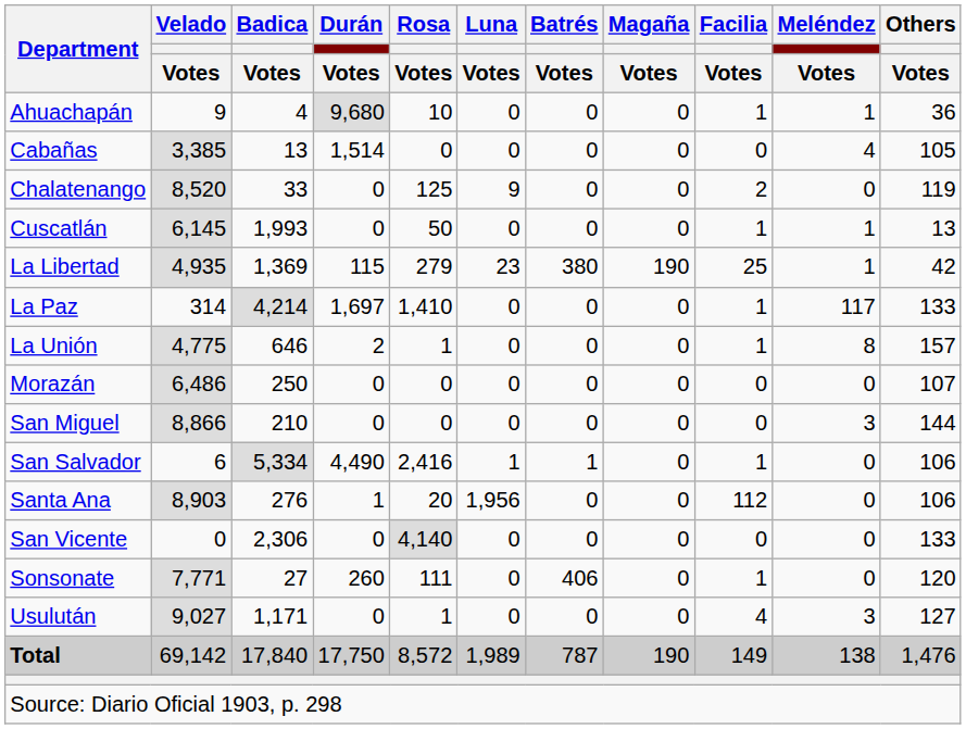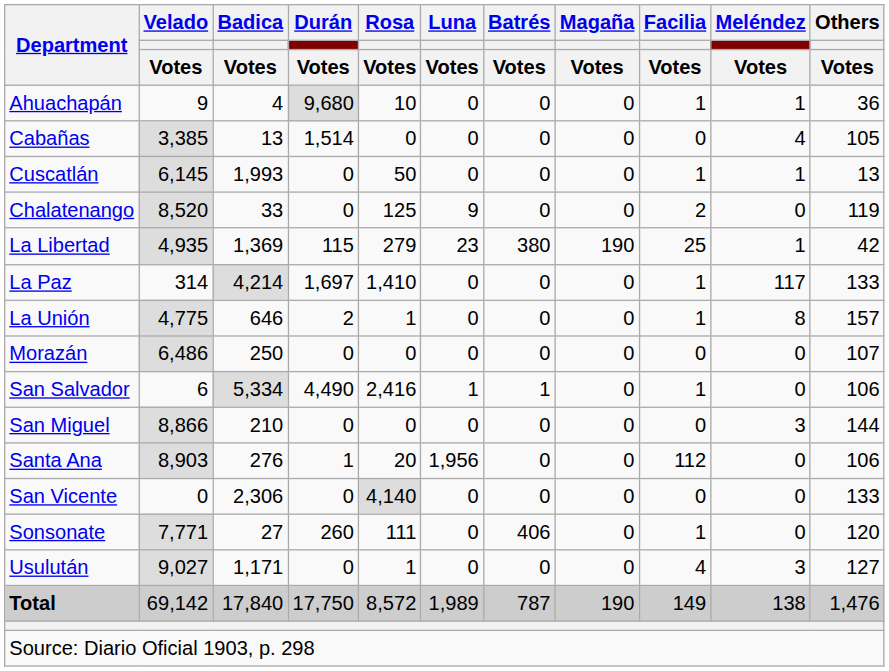 <table class="wikitable sortable" style="text-align:right; font-size:95%; line-height:20px;">
 <tr>
 <th rowspan="3"><a href='#'>Department</a></th>
 <th width="30px" class="unsortable"><a href='#'>Velado</a></th>
 <th width="30px" class="unsortable"><a href='#'>Badica</a></th>
 <th width="30px" class="unsortable"><a href='#'>Durán</a></th>
 <th width="30px" class="unsortable"><a href='#'>Rosa</a></th>
 <th width="30px" class="unsortable"><a href='#'>Luna</a></th>
 <th width="30px" class="unsortable"><a href='#'>Batrés</a></th>
 <th width="30px" class="unsortable"><a href='#'>Magaña</a></th>
 <th width="30px" class="unsortable"><a href='#'>Facilia</a></th>
 <th width="30px" class="unsortable"><a href='#'>Meléndez</a></th>
 <th width="30px" class="unsortable">Others</th>
 </tr>
 <tr>
 <th style="background:"></th>
 <th style="background:"></th>
 <th style="background:#800000"></th>
 <th style="background:"></th>
 <th style="background:"></th>
 <th style="background:"></th>
 <th style="background:"></th>
 <th style="background:"></th>
 <th style="background:#800000"></th>
 <th style="background:"></th>
 </tr>
 <tr>
 <th data-sort-type="number">Votes</th>
 <th data-sort-type="number">Votes</th>
 <th data-sort-type="number">Votes</th>
 <th data-sort-type="number">Votes</th>
 <th data-sort-type="number">Votes</th>
 <th data-sort-type="number">Votes</th>
 <th data-sort-type="number">Votes</th>
 <th data-sort-type="number">Votes</th>
 <th data-sort-type="number">Votes</th>
 <th data-sort-type="number">Votes</th>
 </tr>
 <tr>
 <td align="left"><a href='#'>Ahuachapán</a></td>
 <td>9</td>
 <td>4</td>
 <td style="background:#DDD">9,680</td>
 <td>10</td>
 <td>0</td>
 <td>0</td>
 <td>0</td>
 <td>1</td>
 <td>1</td>
 <td>36</td>
 </tr>
 <tr>
 <td align="left"><a href='#'>Cabañas</a></td>
 <td style="background:#DDD">3,385</td>
 <td>13</td>
 <td>1,514</td>
 <td>0</td>
 <td>0</td>
 <td>0</td>
 <td>0</td>
 <td>0</td>
 <td>4</td>
 <td>105</td>
 </tr>
 <tr>
+<td align="left"><a href='#'>Cuscatlán</a></td>
+<td style="background:#DDD">6,145</td>
+<td>1,993</td>
+<td>0</td>
+<td>50</td>
+<td>0</td>
+<td>0</td>
+<td>0</td>
+<td>1</td>
+<td>1</td>
+<td>13</td>
+</tr>
+<tr>
 <td align="left"><a href='#'>Chalatenango</a></td>
 <td style="background:#DDD">8,520</td>
 <td>33</td>
 <td>0</td>
 <td>125</td>
 <td>9</td>
 <td>0</td>
 <td>0</td>
 <td>2</td>
 <td>0</td>
 <td>119</td>
-</tr>
-<tr>
-<td align="left"><a href='#'>Cuscatlán</a></td>
-<td style="background:#DDD">6,145</td>
-<td>1,993</td>
-<td>0</td>
-<td>50</td>
-<td>0</td>
-<td>0</td>
-<td>0</td>
-<td>1</td>
-<td>1</td>
-<td>13</td>
 </tr>
 <tr>
 <td align="left"><a href='#'>La Libertad</a></td>
 <td style="background:#DDD">4,935</td>
 <td>1,369</td>
 <td>115</td>
 <td>279</td>
 <td>23</td>
 <td>380</td>
 <td>190</td>
 <td>25</td>
 <td>1</td>
 <td>42</td>
 </tr>
 <tr>
 <td align="left"><a href='#'>La Paz</a></td>
 <td>314</td>
 <td style="background:#DDD">4,214</td>
 <td>1,697</td>
 <td>1,410</td>
 <td>0</td>
 <td>0</td>
 <td>0</td>
 <td>1</td>
 <td>117</td>
 <td>133</td>
 </tr>
 <tr>
 <td align="left"><a href='#'>La Unión</a></td>
 <td style="background:#DDD">4,775</td>
 <td>646</td>
 <td>2</td>
 <td>1</td>
 <td>0</td>
 <td>0</td>
 <td>0</td>
 <td>1</td>
 <td>8</td>
 <td>157</td>
 </tr>
 <tr>
 <td align="left"><a href='#'>Morazán</a></td>
 <td style="background:#DDD">6,486</td>
 <td>250</td>
 <td>0</td>
 <td>0</td>
 <td>0</td>
 <td>0</td>
 <td>0</td>
 <td>0</td>
 <td>0</td>
 <td>107</td>
 </tr>
 <tr>
+<td align="left"><a href='#'>San Salvador</a></td>
+<td>6</td>
+<td style="background:#DDD">5,334</td>
+<td>4,490</td>
+<td>2,416</td>
+<td>1</td>
+<td>1</td>
+<td>0</td>
+<td>1</td>
+<td>0</td>
+<td>106</td>
+</tr>
+<tr>
 <td align="left"><a href='#'>San Miguel</a></td>
 <td style="background:#DDD">8,866</td>
 <td>210</td>
 <td>0</td>
 <td>0</td>
 <td>0</td>
 <td>0</td>
 <td>0</td>
 <td>0</td>
 <td>3</td>
 <td>144</td>
-</tr>
-<tr>
-<td align="left"><a href='#'>San Salvador</a></td>
-<td>6</td>
-<td style="background:#DDD">5,334</td>
-<td>4,490</td>
-<td>2,416</td>
-<td>1</td>
-<td>1</td>
-<td>0</td>
-<td>1</td>
-<td>0</td>
-<td>106</td>
 </tr>
 <tr>
 <td align="left"><a href='#'>Santa Ana</a></td>
 <td style="background:#DDD">8,903</td>
 <td>276</td>
 <td>1</td>
 <td>20</td>
 <td>1,956</td>
 <td>0</td>
 <td>0</td>
 <td>112</td>
 <td>0</td>
 <td>106</td>
 </tr>
 <tr>
 <td align="left"><a href='#'>San Vicente</a></td>
 <td>0</td>
 <td>2,306</td>
 <td>0</td>
 <td style="background:#DDD">4,140</td>
 <td>0</td>
 <td>0</td>
 <td>0</td>
 <td>0</td>
 <td>0</td>
 <td>133</td>
 </tr>
 <tr>
 <td align="left"><a href='#'>Sonsonate</a></td>
 <td style="background:#DDD">7,771</td>
 <td>27</td>
 <td>260</td>
 <td>111</td>
 <td>0</td>
 <td>406</td>
 <td>0</td>
 <td>1</td>
 <td>0</td>
 <td>120</td>
 </tr>
 <tr>
 <td align="left"><a href='#'>Usulután</a></td>
 <td style="background:#DDD">9,027</td>
 <td>1,171</td>
 <td>0</td>
 <td>1</td>
 <td>0</td>
 <td>0</td>
 <td>0</td>
 <td>4</td>
 <td>3</td>
 <td>127</td>
 </tr>
 <tr style="background:#CDCDCD;">
 <td align="left"><strong>Total</strong></td>
 <td>69,142</td>
 <td>17,840</td>
 <td>17,750</td>
 <td>8,572</td>
 <td>1,989</td>
 <td>787</td>
 <td>190</td>
 <td>149</td>
 <td>138</td>
 <td>1,476</td>
 </tr>
 <tr>
 <th colspan="11"></th>
 </tr>
 <tr>
 <th style="text-align:left; font-weight:normal; background:#F9F9F9" colspan="11">Source: Diario Oficial 1903, p. 298</th>
 </tr>
 </table>
